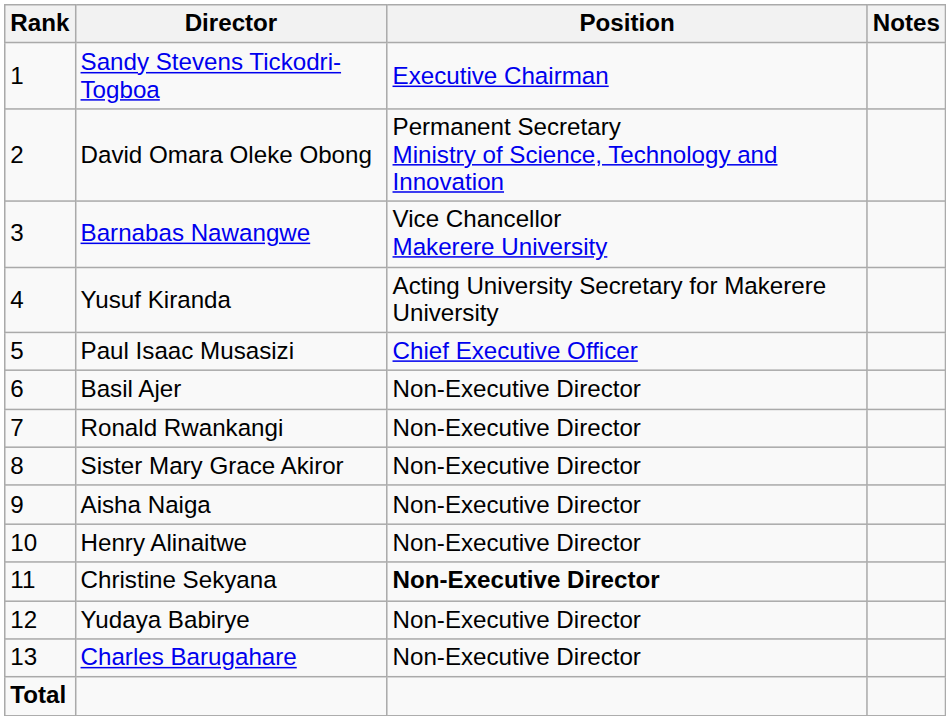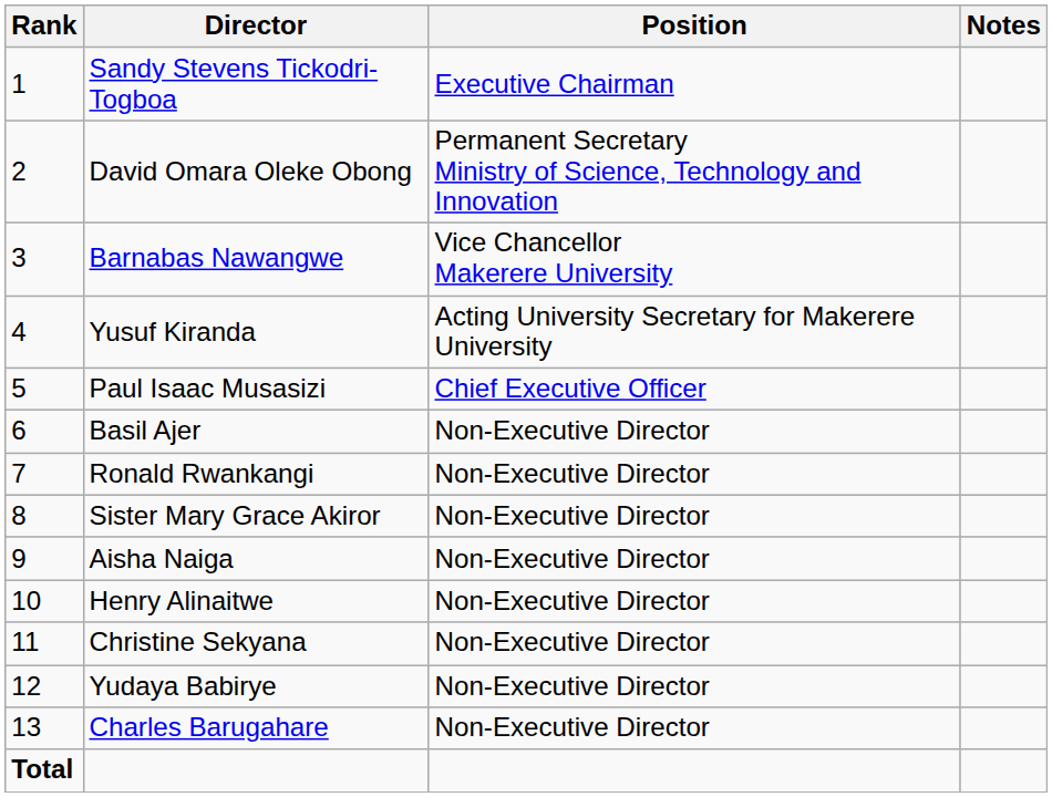 <table class="wikitable sortable" style="margin: 0.5em auto">
 <tr>
 <th>Rank</th>
 <th>Director</th>
 <th>Position</th>
 <th>Notes</th>
 </tr>
 <tr>
 <td>1</td>
 <td><a href='#'>Sandy Stevens Tickodri-Togboa</a></td>
 <td><a href='#'>Executive Chairman</a></td>
 <td></td>
 </tr>
 <tr>
 <td>2</td>
 <td>David Omara Oleke Obong</td>
 <td>Permanent Secretary<br> <a href='#'>Ministry of Science, Technology and Innovation</a></td>
 <td></td>
 </tr>
 <tr>
 <td>3</td>
 <td><a href='#'>Barnabas Nawangwe</a></td>
 <td>Vice Chancellor<br><a href='#'>Makerere University</a></td>
 <td></td>
 </tr>
 <tr>
 <td>4</td>
 <td>Yusuf Kiranda</td>
 <td>Acting University Secretary for Makerere University</td>
 <td></td>
 </tr>
 <tr>
 <td>5</td>
 <td>Paul Isaac Musasizi</td>
 <td><a href='#'>Chief Executive Officer</a></td>
 <td></td>
 </tr>
 <tr>
 <td>6</td>
 <td>Basil Ajer</td>
 <td>Non-Executive Director</td>
 <td></td>
 </tr>
 <tr>
 <td>7</td>
 <td>Ronald Rwankangi</td>
 <td>Non-Executive Director</td>
 <td></td>
 </tr>
 <tr>
 <td>8</td>
 <td>Sister Mary Grace Akiror</td>
 <td>Non-Executive Director</td>
 <td></td>
 </tr>
 <tr>
 <td>9</td>
 <td>Aisha Naiga</td>
 <td>Non-Executive Director</td>
 <td></td>
 </tr>
 <tr>
 <td>10</td>
 <td>Henry Alinaitwe</td>
 <td>Non-Executive Director</td>
 <td></td>
 </tr>
 <tr>
 <td>11</td>
 <td>Christine Sekyana</td>
-<td><strong>Non-Executive Director</strong></td>
+<td>Non-Executive Director</td>
 <td></td>
 </tr>
 <tr>
 <td>12</td>
 <td>Yudaya Babirye</td>
 <td>Non-Executive Director</td>
 <td></td>
 </tr>
 <tr>
 <td>13</td>
 <td><a href='#'>Charles Barugahare</a></td>
 <td>Non-Executive Director</td>
 <td></td>
 </tr>
 <tr>
 <td><strong>Total</strong></td>
 <td></td>
 <td></td>
 <td></td>
 </tr>
 <tr>
 </tr>
 </table>
